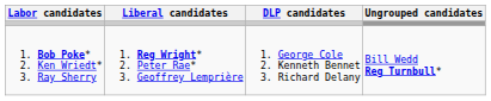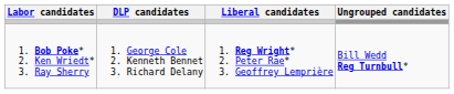 <table class="wikitable">
 <tr>
 <th><a href='#'>Labor</a> candidates</th>
+<th><a href='#'>DLP</a> candidates</th>
 <th><a href='#'>Liberal</a> candidates</th>
-<th><a href='#'>DLP</a> candidates</th>
 <th>Ungrouped candidates</th>
 </tr>
 <tr bgcolor="#cccccc">
 <td></td>
 <td></td>
 <td></td>
 <td bgcolor="#999999"></td>
 </tr>
 <tr>
 <td><br><ol><li><strong><a href='#'>Bob Poke</a></strong>*</li><li><a href='#'>Ken Wriedt</a>*</li><li><a href='#'>Ray Sherry</a></li></ol></td>
+<td valign=top><br><ol><li><a href='#'>George Cole</a></li><li>Kenneth Bennet</li><li>Richard Delany</li></ol></td>
 <td><br><ol><li><strong><a href='#'>Reg Wright</a></strong>*</li><li><a href='#'>Peter Rae</a>*</li><li><a href='#'>Geoffrey Lemprière</a></li></ol></td>
-<td valign=top><br><ol><li><a href='#'>George Cole</a></li><li>Kenneth Bennet</li><li>Richard Delany</li></ol></td>
 <td><br><a href='#'>Bill Wedd</a><br> <strong><a href='#'>Reg Turnbull</a></strong>*</td>
 </tr>
 </table>
